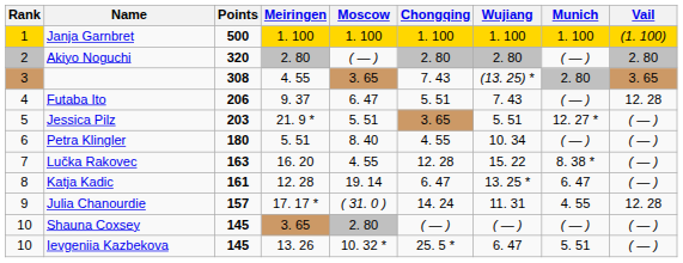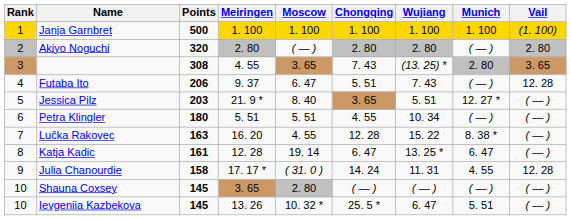 <table class="wikitable sortable">
 <tr>
 <th>Rank</th>
 <th width = "200">Name</th>
 <th>Points</th>
 <th width = "75" data-sort-type="number"><a href='#'>Meiringen</a></th>
 <th width = "75" data-sort-type="number"><a href='#'>Moscow</a></th>
 <th width = "75" data-sort-type="number"><a href='#'>Chongqing</a></th>
 <th width = "75" data-sort-type="number"><a href='#'>Wujiang</a></th>
 <th width = "75" data-sort-type="number"><a href='#'>Munich</a></th>
 <th width = "75" data-sort-type="number"><a href='#'>Vail</a></th>
 </tr>
 <tr>
 <td align="center" style="background: gold">1</td>
 <td> <a href='#'>Janja Garnbret</a></td>
 <td align="center"><strong>500</strong></td>
 <td align="center" style="background: gold">1. 100</td>
 <td align="center" style="background: gold">1. 100</td>
 <td align="center" style="background: gold">1. 100</td>
 <td align="center" style="background: gold">1. 100</td>
 <td align="center" style="background: gold">1. 100</td>
 <td align="center" style="background: gold"><em>(1. 100)</em></td>
 </tr>
 <tr>
 <td align="center" style="background: silver">2</td>
 <td> <a href='#'>Akiyo Noguchi</a></td>
 <td align="center"><strong>320</strong></td>
 <td align="center" style="background: silver">2. 80</td>
 <td align="center"><em>( — )</em></td>
 <td align="center" style="background: silver">2. 80</td>
 <td align="center" style="background: silver">2. 80</td>
 <td align="center"><em>( — )</em></td>
 <td align="center" style="background: silver">2. 80</td>
 </tr>
 <tr>
 <td align="center" style="background: #cc9966">3</td>
 <td> </td>
 <td align="center"><strong>308</strong></td>
 <td align="center">4. 55</td>
 <td align="center" style="background: #cc9966">3. 65</td>
 <td align="center">7. 43</td>
 <td align="center"><em>(13. 25)</em> *</td>
 <td align="center" style="background: silver">2. 80</td>
 <td align="center" style="background: #cc9966">3. 65</td>
 </tr>
 <tr>
 <td align="center">4</td>
 <td> <a href='#'>Futaba Ito</a></td>
 <td align="center"><strong>206</strong></td>
 <td align="center">9. 37</td>
 <td align="center">6. 47</td>
 <td align="center">5. 51</td>
 <td align="center">7. 43</td>
 <td align="center"><em>( — )</em></td>
 <td align="center">12. 28</td>
 </tr>
 <tr>
 <td align="center">5</td>
 <td> <a href='#'>Jessica Pilz</a></td>
 <td align="center"><strong>203</strong></td>
 <td align="center">21. 9 *</td>
-<td align="center">5. 51</td>
+<td align="center">8. 40</td>
 <td align="center" style="background: #cc9966">3. 65</td>
 <td align="center">5. 51</td>
 <td align="center">12. 27 *</td>
 <td align="center"><em>( — )</em></td>
 </tr>
 <tr>
 <td align="center">6</td>
 <td> <a href='#'>Petra Klingler</a></td>
 <td align="center"><strong>180</strong></td>
 <td align="center">5. 51</td>
-<td align="center">8. 40</td>
+<td align="center">5. 51</td>
 <td align="center">4. 55</td>
 <td align="center">10. 34</td>
 <td align="center"><em>( — )</em></td>
 <td align="center"><em>( — )</em></td>
 </tr>
 <tr>
 <td align="center">7</td>
 <td> <a href='#'>Lučka Rakovec</a></td>
 <td align="center"><strong>163</strong></td>
 <td align="center">16. 20</td>
 <td align="center">4. 55</td>
 <td align="center">12. 28</td>
 <td align="center">15. 22</td>
 <td align="center">8. 38 *</td>
 <td align="center"><em>( — )</em></td>
 </tr>
 <tr>
 <td align="center">8</td>
 <td> <a href='#'>Katja Kadic</a></td>
 <td align="center"><strong>161</strong></td>
 <td align="center">12. 28</td>
 <td align="center">19. 14</td>
 <td align="center">6. 47</td>
 <td align="center">13. 25 *</td>
 <td align="center">6. 47</td>
 <td align="center"><em>( — )</em></td>
 </tr>
 <tr>
 <td align="center">9</td>
 <td> <a href='#'>Julia Chanourdie</a></td>
-<td align="center"><strong>157</strong></td>
+<td align="center"><strong>158</strong></td>
 <td align="center">17. 17 *</td>
 <td align="center"><em>( 31. 0 )</em></td>
 <td align="center">14. 24</td>
 <td align="center">11. 31</td>
 <td align="center">4. 55</td>
 <td align="center">12. 28</td>
 </tr>
 <tr>
 <td align="center">10</td>
 <td> <a href='#'>Shauna Coxsey</a></td>
 <td align="center"><strong>145</strong></td>
 <td align="center" style="background: #cc9966">3. 65</td>
 <td align="center" style="background: silver">2. 80</td>
 <td align="center"><em>( — )</em></td>
 <td align="center"><em>( — )</em></td>
 <td align="center"><em>( — )</em></td>
 <td align="center"><em>( — )</em></td>
 </tr>
 <tr>
 <td align="center">10</td>
 <td> <a href='#'>Ievgeniia Kazbekova</a></td>
 <td align="center"><strong>145</strong></td>
 <td align="center">13. 26</td>
 <td align="center">10. 32 *</td>
 <td align="center">25. 5 *</td>
 <td align="center">6. 47</td>
 <td align="center">5. 51</td>
 <td align="center"><em>( — )</em></td>
 </tr>
 </table>
